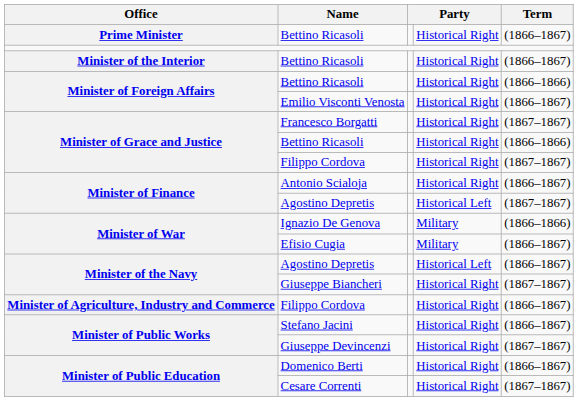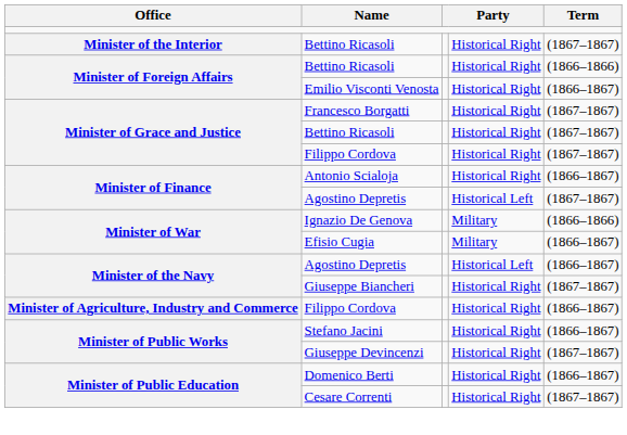 <table class="wikitable" style="font-size: 100%;">
 <tr>
 <th>Office</th>
 <th>Name</th>
 <th colspan=2>Party</th>
 <th>Term</th>
-</tr>
-<tr>
-<th><a href='#'>Prime Minister</a></th>
-<td><a href='#'>Bettino Ricasoli</a></td>
-<td style="color:inherit;background:"></td>
-<td><a href='#'>Historical Right</a></td>
-<td>(1866–1867)</td>
 </tr>
 <tr>
 <td colspan=5></td>
 </tr>
 <tr>
 <th><a href='#'>Minister of the Interior</a></th>
 <td><a href='#'>Bettino Ricasoli</a></td>
 <td style="color:inherit;background:"></td>
 <td><a href='#'>Historical Right</a></td>
-<td>(1866–1867)</td>
+<td>(1867–1867)</td>
 </tr>
 <tr>
 <th rowspan=2><a href='#'>Minister of Foreign Affairs</a></th>
 <td><a href='#'>Bettino Ricasoli</a></td>
 <td style="color:inherit;background:"></td>
 <td><a href='#'>Historical Right</a></td>
 <td>(1866–1866)</td>
 </tr>
 <tr>
 <td><a href='#'>Emilio Visconti Venosta</a></td>
 <td style="color:inherit;background:"></td>
 <td><a href='#'>Historical Right</a></td>
 <td>(1866–1867)</td>
 </tr>
 <tr>
 <th rowspan=3><a href='#'>Minister of Grace and Justice</a></th>
 <td><a href='#'>Francesco Borgatti</a></td>
 <td style="color:inherit;background:"></td>
 <td><a href='#'>Historical Right</a></td>
 <td>(1867–1867)</td>
 </tr>
 <tr>
 <td><a href='#'>Bettino Ricasoli</a></td>
 <td style="color:inherit;background:"></td>
 <td><a href='#'>Historical Right</a></td>
-<td>(1866–1866)</td>
+<td>(1867–1867)</td>
 </tr>
 <tr>
 <td><a href='#'>Filippo Cordova</a></td>
 <td style="color:inherit;background:"></td>
 <td><a href='#'>Historical Right</a></td>
 <td>(1867–1867)</td>
 </tr>
 <tr>
 <th rowspan=2><a href='#'>Minister of Finance</a></th>
 <td><a href='#'>Antonio Scialoja</a></td>
 <td style="color:inherit;background:"></td>
 <td><a href='#'>Historical Right</a></td>
 <td>(1866–1867)</td>
 </tr>
 <tr>
 <td><a href='#'>Agostino Depretis</a></td>
 <td style="color:inherit;background:"></td>
 <td><a href='#'>Historical Left</a></td>
 <td>(1867–1867)</td>
 </tr>
 <tr>
 <th rowspan=2><a href='#'>Minister of War</a></th>
 <td><a href='#'>Ignazio De Genova</a></td>
 <td style="color:inherit;background:"></td>
 <td><a href='#'>Military</a></td>
 <td>(1866–1866)</td>
 </tr>
 <tr>
 <td><a href='#'>Efisio Cugia</a></td>
 <td style="color:inherit;background:"></td>
 <td><a href='#'>Military</a></td>
 <td>(1866–1867)</td>
 </tr>
 <tr>
 <th rowspan=2><a href='#'>Minister of the Navy</a></th>
 <td><a href='#'>Agostino Depretis</a></td>
 <td style="color:inherit;background:"></td>
 <td><a href='#'>Historical Left</a></td>
 <td>(1866–1867)</td>
 </tr>
 <tr>
 <td><a href='#'>Giuseppe Biancheri</a></td>
 <td style="color:inherit;background:"></td>
 <td><a href='#'>Historical Right</a></td>
 <td>(1867–1867)</td>
 </tr>
 <tr>
 <th><a href='#'>Minister of Agriculture, Industry and Commerce</a></th>
 <td><a href='#'>Filippo Cordova</a></td>
 <td style="color:inherit;background:"></td>
 <td><a href='#'>Historical Right</a></td>
 <td>(1866–1867)</td>
 </tr>
 <tr>
 <th rowspan=2><a href='#'>Minister of Public Works</a></th>
 <td><a href='#'>Stefano Jacini</a></td>
 <td style="color:inherit;background:"></td>
 <td><a href='#'>Historical Right</a></td>
 <td>(1866–1867)</td>
 </tr>
 <tr>
 <td><a href='#'>Giuseppe Devincenzi</a></td>
 <td style="color:inherit;background:"></td>
 <td><a href='#'>Historical Right</a></td>
 <td>(1867–1867)</td>
 </tr>
 <tr>
 <th rowspan=2><a href='#'>Minister of Public Education</a></th>
 <td><a href='#'>Domenico Berti</a></td>
 <td style="color:inherit;background:"></td>
 <td><a href='#'>Historical Right</a></td>
 <td>(1866–1867)</td>
 </tr>
 <tr>
 <td><a href='#'>Cesare Correnti</a></td>
 <td style="color:inherit;background:"></td>
 <td><a href='#'>Historical Right</a></td>
 <td>(1867–1867)</td>
 </tr>
 </table>
